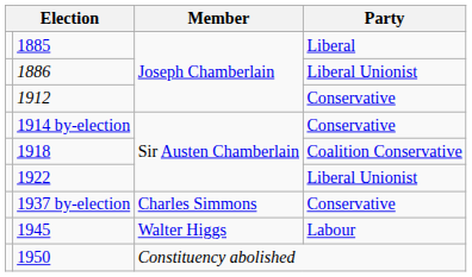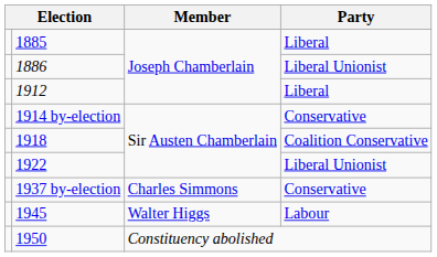 <table class="wikitable">
 <tr>
 <th colspan="2">Election</th>
 <th>Member</th>
 <th>Party</th>
 </tr>
 <tr>
 <td style="color:inherit;background-color: "></td>
 <td><a href='#'>1885</a></td>
 <td rowspan="3"><a href='#'>Joseph Chamberlain</a></td>
 <td><a href='#'>Liberal</a></td>
 </tr>
 <tr>
 <td style="color:inherit;background-color: "></td>
 <td><em>1886</em></td>
 <td><a href='#'>Liberal Unionist</a></td>
 </tr>
 <tr>
 <td style="color:inherit;background-color: "></td>
 <td><em>1912</em></td>
-<td><a href='#'>Conservative</a></td>
+<td><a href='#'>Liberal</a></td>
 </tr>
 <tr>
 <td style="color:inherit;background-color: "></td>
 <td><a href='#'>1914 by-election</a></td>
 <td rowspan="3">Sir <a href='#'>Austen Chamberlain</a></td>
 <td><a href='#'>Conservative</a></td>
 </tr>
 <tr>
 <td style="color:inherit;background-color: "></td>
 <td><a href='#'>1918</a></td>
 <td><a href='#'>Coalition Conservative</a></td>
 </tr>
 <tr>
 <td style="color:inherit;background-color: "></td>
 <td><a href='#'>1922</a></td>
 <td><a href='#'>Liberal Unionist</a></td>
 </tr>
 <tr>
 <td style="color:inherit;background-color: "></td>
 <td><a href='#'>1937 by-election</a></td>
 <td><a href='#'>Charles Simmons</a></td>
 <td><a href='#'>Conservative</a></td>
 </tr>
 <tr>
 <td style="color:inherit;background-color: "></td>
 <td><a href='#'>1945</a></td>
 <td><a href='#'>Walter Higgs</a></td>
 <td><a href='#'>Labour</a></td>
 </tr>
 <tr>
 <td></td>
 <td><a href='#'>1950</a></td>
 <td colspan="2"><em>Constituency abolished</em></td>
 </tr>
 </table>
